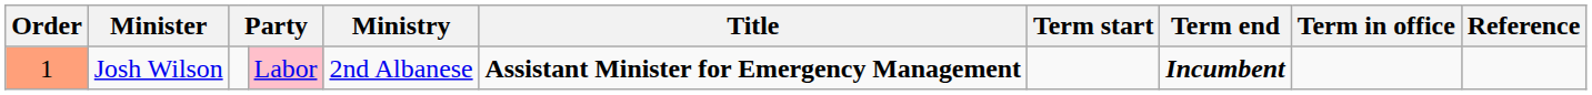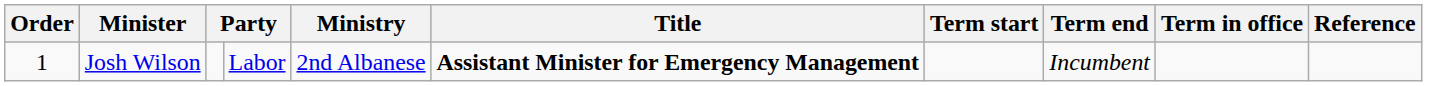 <table class="wikitable">
 <tr>
 <th>Order</th>
 <th>Minister</th>
 <th colspan=2>Party</th>
 <th>Ministry</th>
 <th>Title</th>
 <th>Term start</th>
 <th>Term end</th>
 <th>Term in office</th>
 <th>Reference</th>
 </tr>
 <tr>
-<td align=center style="background: lightsalmon;">1</td>
+<td align=center>1</td>
 <td><a href='#'>Josh Wilson</a></td>
 <td> </td>
-<td style="background: pink;"><a href='#'>Labor</a></td>
+<td><a href='#'>Labor</a></td>
 <td><a href='#'>2nd Albanese</a></td>
 <td><strong>Assistant Minister for Emergency Management</strong></td>
 <td align=center></td>
-<td align=center><strong><em>Incumbent</em></strong></td>
+<td align=center><em>Incumbent</em></td>
 <td align=right></td>
 <td align=center></td>
 </tr>
 </table>
